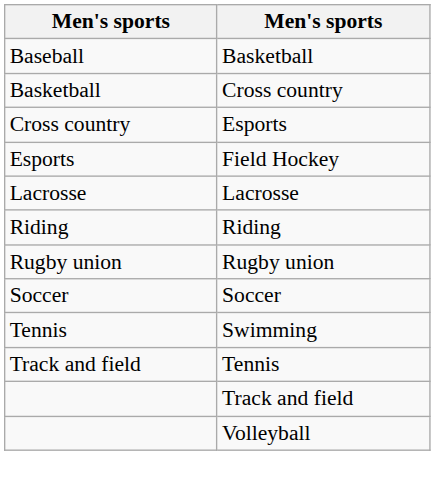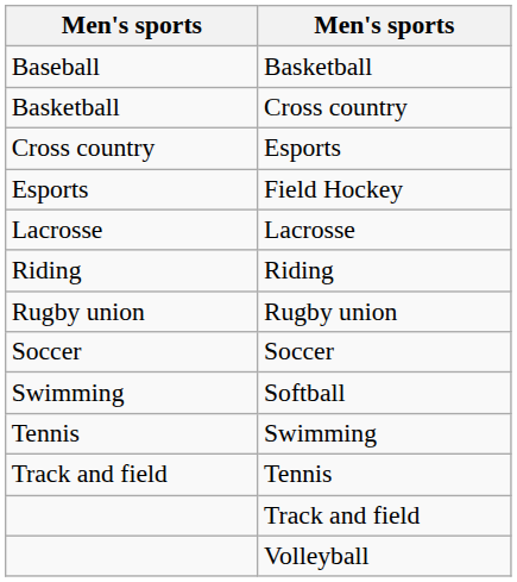 <table class="wikitable"; style= "text-align: ">
 <tr>
 <th width=150px>Men's sports</th>
 <th width=150px>Men's sports</th>
 </tr>
 <tr>
 <td>Baseball</td>
 <td>Basketball</td>
 </tr>
 <tr>
 <td>Basketball</td>
 <td>Cross country</td>
 </tr>
 <tr>
 <td>Cross country</td>
 <td>Esports</td>
 </tr>
 <tr>
 <td>Esports</td>
 <td>Field Hockey</td>
 </tr>
 <tr>
 <td>Lacrosse</td>
 <td>Lacrosse</td>
 </tr>
 <tr>
 <td>Riding</td>
 <td>Riding</td>
 </tr>
 <tr>
 <td>Rugby union</td>
 <td>Rugby union</td>
 </tr>
 <tr>
 <td>Soccer</td>
 <td>Soccer</td>
 </tr>
 <tr>
+<td>Swimming</td>
+<td>Softball</td>
+</tr>
+<tr>
 <td>Tennis</td>
 <td>Swimming</td>
 </tr>
 <tr>
 <td>Track and field</td>
 <td>Tennis</td>
 </tr>
 <tr>
 <td></td>
 <td>Track and field</td>
 </tr>
 <tr>
 <td></td>
 <td>Volleyball</td>
 </tr>
 </table>
